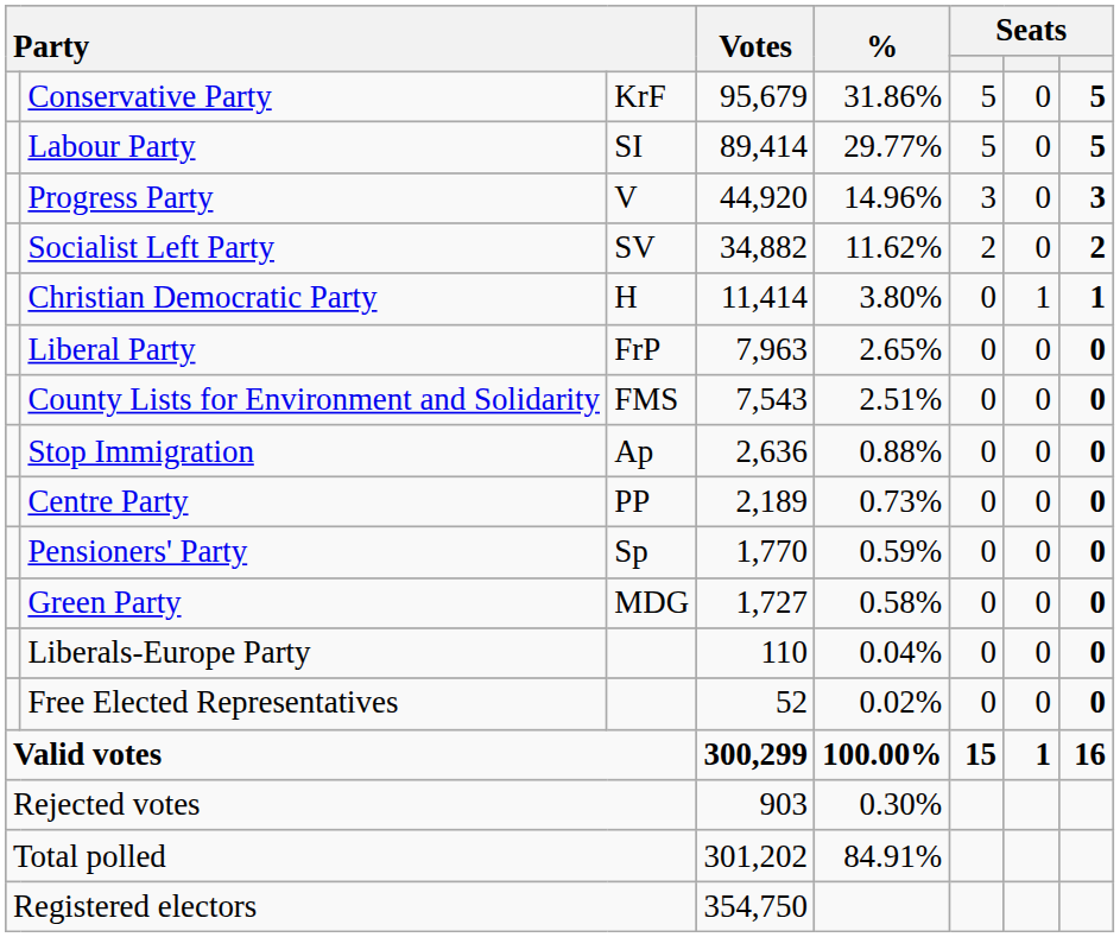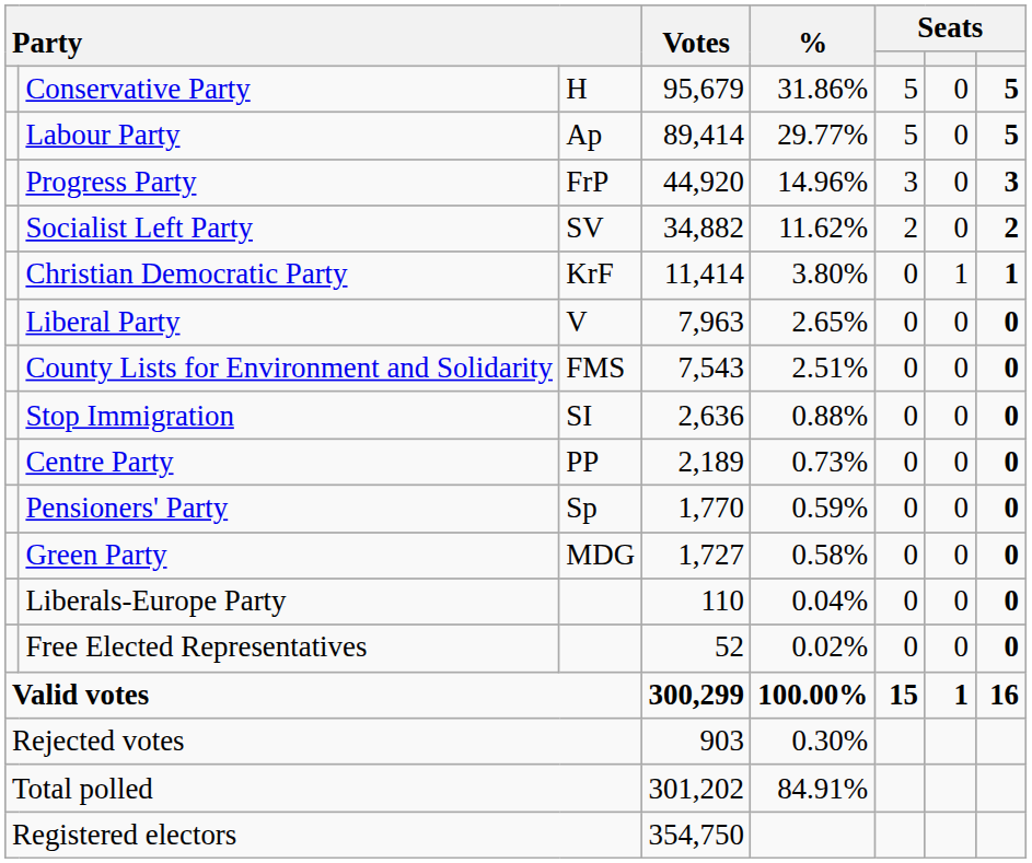 <table class="wikitable" border="1" style="text-align:right;">
 <tr>
 <th style="text-align:left;" valign=bottom rowspan=2 colspan=3>Party</th>
 <th align=center valign=bottom rowspan=2 width="50">Votes</th>
 <th align=center valign=bottom rowspan=2 width="50">%</th>
 <th colspan=3>Seats</th>
 </tr>
 <tr>
 <th align=center valign=bottom width="20"><small></small></th>
 <th align=center valign=bottom width="20"><small><a href='#'></a></small></th>
 <th align=center valign=bottom width="20"><small></small></th>
 </tr>
 <tr>
 <td style="color:inherit;background:"></td>
 <td align=left><a href='#'>Conservative Party</a></td>
-<td align=left>KrF</td>
+<td align=left>H</td>
 <td>95,679</td>
 <td>31.86%</td>
 <td>5</td>
 <td>0</td>
 <td><strong>5</strong></td>
 </tr>
 <tr>
 <td style="color:inherit;background:"></td>
 <td align=left><a href='#'>Labour Party</a></td>
-<td align=left>SI</td>
+<td align=left>Ap</td>
 <td>89,414</td>
 <td>29.77%</td>
 <td>5</td>
 <td>0</td>
 <td><strong>5</strong></td>
 </tr>
 <tr>
 <td style="color:inherit;background:"></td>
 <td align=left><a href='#'>Progress Party</a></td>
-<td align=left>V</td>
+<td align=left>FrP</td>
 <td>44,920</td>
 <td>14.96%</td>
 <td>3</td>
 <td>0</td>
 <td><strong>3</strong></td>
 </tr>
 <tr>
 <td style="color:inherit;background:"></td>
 <td align=left><a href='#'>Socialist Left Party</a></td>
 <td align=left>SV</td>
 <td>34,882</td>
 <td>11.62%</td>
 <td>2</td>
 <td>0</td>
 <td><strong>2</strong></td>
 </tr>
 <tr>
 <td style="color:inherit;background:"></td>
 <td align=left><a href='#'>Christian Democratic Party</a></td>
-<td align=left>H</td>
+<td align=left>KrF</td>
 <td>11,414</td>
 <td>3.80%</td>
 <td>0</td>
 <td>1</td>
 <td><strong>1</strong></td>
 </tr>
 <tr>
 <td style="color:inherit;background:"></td>
 <td align=left><a href='#'>Liberal Party</a></td>
-<td align=left>FrP</td>
+<td align=left>V</td>
 <td>7,963</td>
 <td>2.65%</td>
 <td>0</td>
 <td>0</td>
 <td><strong>0</strong></td>
 </tr>
 <tr>
 <td></td>
 <td align=left><a href='#'>County Lists for Environment and Solidarity</a></td>
 <td align=left>FMS</td>
 <td>7,543</td>
 <td>2.51%</td>
 <td>0</td>
 <td>0</td>
 <td><strong>0</strong></td>
 </tr>
 <tr>
 <td style="color:inherit;background:"></td>
 <td align=left><a href='#'>Stop Immigration</a></td>
-<td align=left>Ap</td>
+<td align=left>SI</td>
 <td>2,636</td>
 <td>0.88%</td>
 <td>0</td>
 <td>0</td>
 <td><strong>0</strong></td>
 </tr>
 <tr>
 <td style="color:inherit;background:"></td>
 <td align=left><a href='#'>Centre Party</a></td>
 <td align=left>PP</td>
 <td>2,189</td>
 <td>0.73%</td>
 <td>0</td>
 <td>0</td>
 <td><strong>0</strong></td>
 </tr>
 <tr>
 <td style="color:inherit;background:"></td>
 <td align=left><a href='#'>Pensioners' Party</a></td>
 <td align=left>Sp</td>
 <td>1,770</td>
 <td>0.59%</td>
 <td>0</td>
 <td>0</td>
 <td><strong>0</strong></td>
 </tr>
 <tr>
 <td style="color:inherit;background:"></td>
 <td align=left><a href='#'>Green Party</a></td>
 <td align=left>MDG</td>
 <td>1,727</td>
 <td>0.58%</td>
 <td>0</td>
 <td>0</td>
 <td><strong>0</strong></td>
 </tr>
 <tr>
 <td></td>
 <td align=left>Liberals-Europe Party</td>
 <td align=left></td>
 <td>110</td>
 <td>0.04%</td>
 <td>0</td>
 <td>0</td>
 <td><strong>0</strong></td>
 </tr>
 <tr>
 <td></td>
 <td align=left>Free Elected Representatives</td>
 <td align=left></td>
 <td>52</td>
 <td>0.02%</td>
 <td>0</td>
 <td>0</td>
 <td><strong>0</strong></td>
 </tr>
 <tr style="font-weight:bold">
 <td align=left colspan=3>Valid votes</td>
 <td>300,299</td>
 <td>100.00%</td>
 <td>15</td>
 <td>1</td>
 <td>16</td>
 </tr>
 <tr>
 <td align=left colspan=3>Rejected votes</td>
 <td>903</td>
 <td>0.30%</td>
 <td></td>
 <td></td>
 <td></td>
 </tr>
 <tr>
 <td align=left colspan=3>Total polled</td>
 <td>301,202</td>
 <td>84.91%</td>
 <td></td>
 <td></td>
 <td></td>
 </tr>
 <tr>
 <td align=left colspan=3>Registered electors</td>
 <td>354,750</td>
 <td></td>
 <td></td>
 <td></td>
 <td></td>
 </tr>
 </table>
